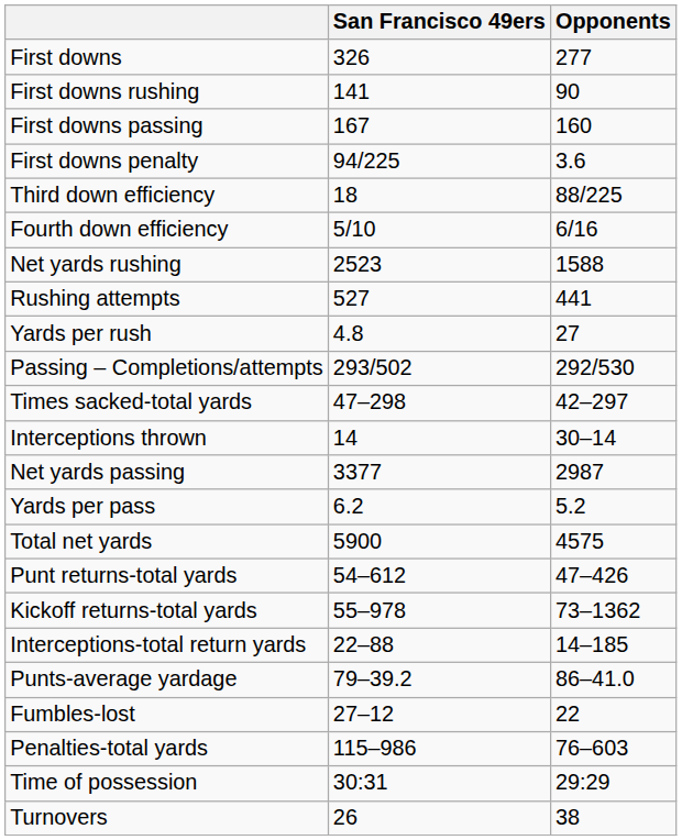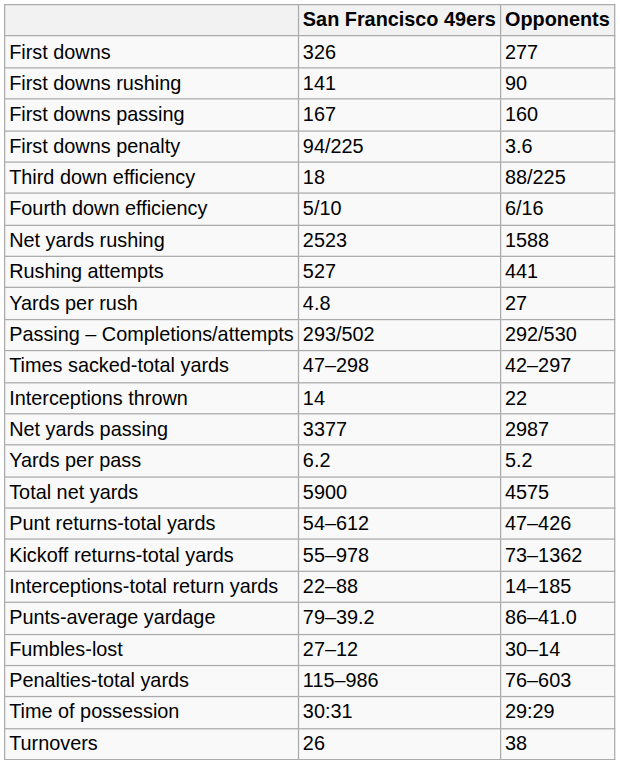 <table class="wikitable">
 <tr>
 <th></th>
 <th>San Francisco 49ers</th>
 <th>Opponents</th>
 </tr>
 <tr>
 <td>First downs</td>
 <td>326</td>
 <td>277</td>
 </tr>
 <tr>
 <td>First downs rushing</td>
 <td>141</td>
 <td>90</td>
 </tr>
 <tr>
 <td>First downs passing</td>
 <td>167</td>
 <td>160</td>
 </tr>
 <tr>
 <td>First downs penalty</td>
 <td>94/225</td>
 <td>3.6</td>
 </tr>
 <tr>
 <td>Third down efficiency</td>
 <td>18</td>
 <td>88/225</td>
 </tr>
 <tr>
 <td>Fourth down efficiency</td>
 <td>5/10</td>
 <td>6/16</td>
 </tr>
 <tr>
 <td>Net yards rushing</td>
 <td>2523</td>
 <td>1588</td>
 </tr>
 <tr>
 <td>Rushing attempts</td>
 <td>527</td>
 <td>441</td>
 </tr>
 <tr>
 <td>Yards per rush</td>
 <td>4.8</td>
 <td>27</td>
 </tr>
 <tr>
 <td>Passing – Completions/attempts</td>
 <td>293/502</td>
 <td>292/530</td>
 </tr>
 <tr>
 <td>Times sacked-total yards</td>
 <td>47–298</td>
 <td>42–297</td>
 </tr>
 <tr>
 <td>Interceptions thrown</td>
 <td>14</td>
-<td>30–14</td>
+<td>22</td>
 </tr>
 <tr>
 <td>Net yards passing</td>
 <td>3377</td>
 <td>2987</td>
 </tr>
 <tr>
 <td>Yards per pass</td>
 <td>6.2</td>
 <td>5.2</td>
 </tr>
 <tr>
 <td>Total net yards</td>
 <td>5900</td>
 <td>4575</td>
 </tr>
 <tr>
 <td>Punt returns-total yards</td>
 <td>54–612</td>
 <td>47–426</td>
 </tr>
 <tr>
 <td>Kickoff returns-total yards</td>
 <td>55–978</td>
 <td>73–1362</td>
 </tr>
 <tr>
 <td>Interceptions-total return yards</td>
 <td>22–88</td>
 <td>14–185</td>
 </tr>
 <tr>
 <td>Punts-average yardage</td>
 <td>79–39.2</td>
 <td>86–41.0</td>
 </tr>
 <tr>
 <td>Fumbles-lost</td>
 <td>27–12</td>
-<td>22</td>
+<td>30–14</td>
 </tr>
 <tr>
 <td>Penalties-total yards</td>
 <td>115–986</td>
 <td>76–603</td>
 </tr>
 <tr>
 <td>Time of possession</td>
 <td>30:31</td>
 <td>29:29</td>
 </tr>
 <tr>
 <td>Turnovers</td>
 <td>26</td>
 <td>38</td>
 </tr>
 <tr>
 </tr>
 </table>
